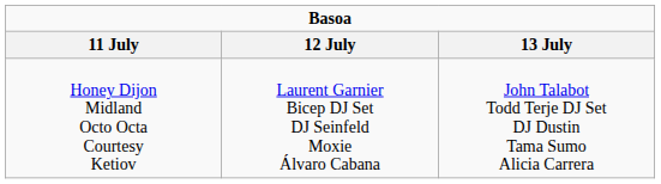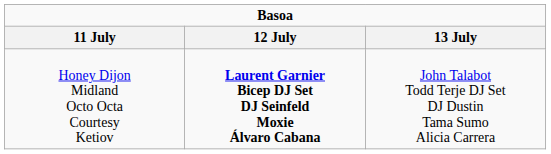 <table class="wikitable">
 <tr>
 <td colspan="4" align="center"><strong>Basoa</strong></td>
 </tr>
 <tr>
 <th>11 July</th>
 <th>12 July</th>
 <th>13 July</th>
 </tr>
 <tr>
 <td valign="top" align="center" width=200><br><a href='#'>Honey Dijon</a><br>Midland<br>Octo Octa<br>Courtesy<br>Ketiov</td>
-<td valign="top" align="center" width=200><br><a href='#'>Laurent Garnier</a><br>Bicep DJ Set<br>DJ Seinfeld<br>Moxie<br>Álvaro Cabana</td>
+<td valign="top" align="center" width=200><strong><br><a href='#'>Laurent Garnier</a><br>Bicep DJ Set<br>DJ Seinfeld<br>Moxie<br>Álvaro Cabana</strong></td>
 <td valign="top" align="center" width=200><br><a href='#'>John Talabot</a><br>Todd Terje DJ Set<br>DJ Dustin<br>Tama Sumo<br>Alicia Carrera</td>
 </tr>
 </table>
